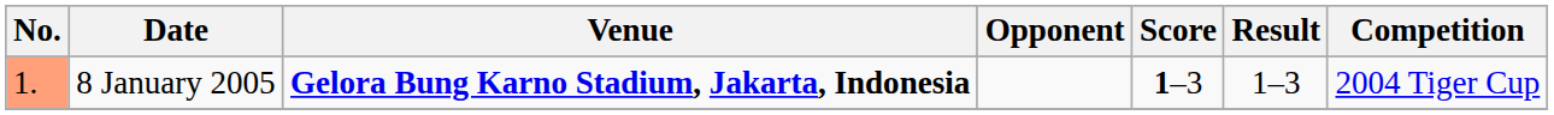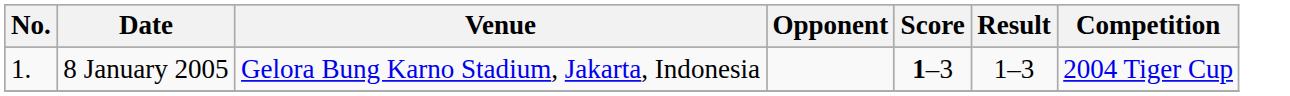 <table class="wikitable">
 <tr>
 <th>No.</th>
 <th>Date</th>
 <th>Venue</th>
 <th>Opponent</th>
 <th>Score</th>
 <th>Result</th>
 <th>Competition</th>
 </tr>
 <tr>
-<td style="background: lightsalmon;">1.</td>
+<td>1.</td>
 <td>8 January 2005</td>
-<td><strong><a href='#'>Gelora Bung Karno Stadium</a>, <a href='#'>Jakarta</a>, Indonesia</strong></td>
+<td><a href='#'>Gelora Bung Karno Stadium</a>, <a href='#'>Jakarta</a>, Indonesia</td>
 <td></td>
 <td align=center><strong>1</strong>–3</td>
 <td align=center>1–3</td>
 <td><a href='#'>2004 Tiger Cup</a></td>
 </tr>
 <tr>
 </tr>
 </table>
